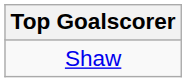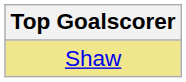 <table class=wikitable style="text-align:center; margin:auto">
 <tr>
 <th>Top Goalscorer</th>
 </tr>
 <tr>
-<td> <a href='#'>Shaw</a></td>
+<td style="background: khaki;"> <a href='#'>Shaw</a></td>
 </tr>
 </table>
